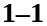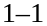 <table style="text-align:center">
 <tr>
 <th width=200></th>
 <th width=100></th>
 <th width=200></th>
 </tr>
 <tr>
 <td align=right></td>
-<td><strong>1–1</strong></td>
+<td>1–1</td>
 <td align=left></td>
 </tr>
 </table>
